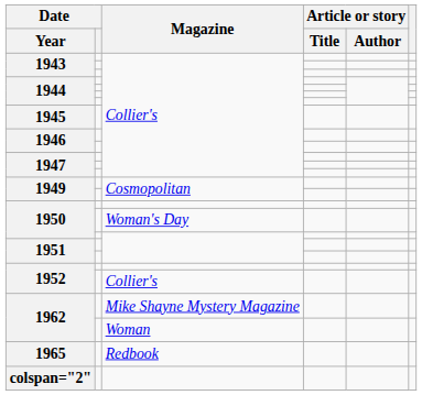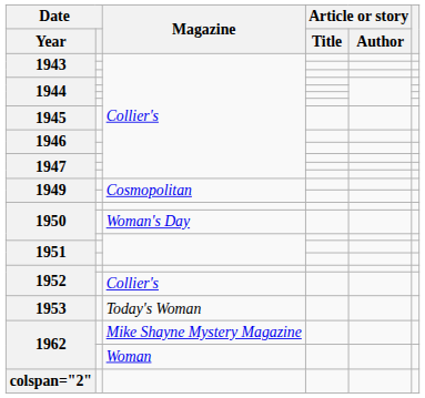 <table class="wikitable sortable mw-collapsible" style="border-spacing: 0; margin: 1em auto;">
 <tr>
 <th scope="col" class="unsortable" colspan="2">Date</th>
 <th scope="col" rowspan="2">Magazine</th>
 <th scope="col" class="unsortable" colspan="2">Article or story</th>
 <th scope="col" rowspan="2" class="unsortable"></th>
 </tr>
 <tr>
 <th scope="col">Year</th>
 <th scope="col"></th>
 <th scope="col">Title</th>
 <th scope="col">Author</th>
 </tr>
 <tr>
 <th style="text-align:center;" rowspan="3">1943</th>
 <td style="text-align:center;"></td>
 <td rowspan="13"><em><a href='#'>Collier's</a></em></td>
 <td></td>
 <td></td>
 <td style="text-align:center;"></td>
 </tr>
 <tr>
 <td style="text-align:center;"></td>
 <td></td>
 <td></td>
 <td style="text-align:center;"></td>
 </tr>
 <tr>
 <td style="text-align:center;"></td>
 <td></td>
 <td></td>
 <td style="text-align:center;"></td>
 </tr>
 <tr>
 <th style="text-align:center;" rowspan="4">1944</th>
 <td style="text-align:center;"></td>
 <td></td>
 <td rowspan="4"></td>
 <td style="text-align:center;"></td>
 </tr>
 <tr>
 <td style="text-align:center;"></td>
 <td></td>
 <td style="text-align:center;"></td>
 </tr>
 <tr>
 <td style="text-align:center;"></td>
 <td></td>
 <td style="text-align:center;"></td>
 </tr>
 <tr>
 <td style="text-align:center;"></td>
 <td></td>
 <td style="text-align:center;"></td>
 </tr>
 <tr>
 <th style="text-align:center;">1945</th>
 <td style="text-align:center;"></td>
 <td></td>
 <td></td>
 <td style="text-align:center;"></td>
 </tr>
 <tr>
 <th style="text-align:center;" rowspan="2">1946</th>
 <td style="text-align:center;"></td>
 <td></td>
 <td></td>
 <td style="text-align:center;"></td>
 </tr>
 <tr>
 <td style="text-align:center;"></td>
 <td></td>
 <td></td>
 <td style="text-align:center;"></td>
 </tr>
 <tr>
 <th style="text-align:center;" rowspan="3">1947</th>
 <td style="text-align:center;"></td>
 <td></td>
 <td></td>
 <td style="text-align:center;"></td>
 </tr>
 <tr>
 <td style="text-align:center;"></td>
 <td></td>
 <td></td>
 <td style="text-align:center;"></td>
 </tr>
 <tr>
 <td style="text-align:center;"></td>
 <td></td>
 <td></td>
 <td style="text-align:center;"></td>
 </tr>
 <tr>
 <th style="text-align:center;" rowspan="2">1949</th>
 <td style="text-align:center;"></td>
 <td rowspan="2"><em><a href='#'>Cosmopolitan</a></em></td>
 <td></td>
 <td></td>
 <td style="text-align:center;"></td>
 </tr>
 <tr>
 <td style="text-align:center;"></td>
 <td></td>
 <td></td>
 <td style="text-align:center;"></td>
 </tr>
 <tr>
 <th style="text-align:center;" rowspan="3">1950</th>
 <td style="text-align:center;"></td>
 <td></td>
 <td></td>
 <td></td>
 <td style="text-align:center;"></td>
 </tr>
 <tr>
 <td style="text-align:center;"></td>
 <td><em><a href='#'>Woman's Day</a></em></td>
 <td></td>
 <td></td>
 <td style="text-align:center;"></td>
 </tr>
 <tr>
 <td style="text-align:center;"></td>
 <td rowspan="3"></td>
 <td></td>
 <td></td>
 <td style="text-align:center;"></td>
 </tr>
 <tr>
 <th style="text-align:center;" rowspan="2">1951</th>
 <td></td>
 <td></td>
 <td></td>
 <td style="text-align:center;"></td>
 </tr>
 <tr>
 <td></td>
 <td></td>
 <td></td>
 <td style="text-align:center;"></td>
 </tr>
 <tr>
 <th style="text-align:center;" rowspan="2">1952</th>
 <td style="text-align:center;"></td>
 <td></td>
 <td></td>
 <td></td>
 <td style="text-align:center;"></td>
 </tr>
 <tr>
 <td style="text-align:center;"></td>
 <td><em><a href='#'>Collier's</a></em></td>
 <td></td>
 <td></td>
 <td style="text-align:center;"></td>
 </tr>
 <tr>
+<th style="text-align:center;">1953</th>
+<td style="text-align:center;"></td>
+<td><em>Today's Woman</em></td>
+<td></td>
+<td></td>
+<td style="text-align:center;"></td>
+</tr>
+<tr>
 <th style="text-align:center;" rowspan="2">1962</th>
 <td style="text-align:center;"></td>
 <td><em><a href='#'>Mike Shayne Mystery Magazine</a></em></td>
 <td></td>
 <td></td>
 <td style="text-align:center;"></td>
 </tr>
 <tr>
 <td style="text-align:center;"></td>
 <td><em><a href='#'>Woman</a></em></td>
 <td></td>
 <td></td>
 <td style="text-align:center;"></td>
 </tr>
 <tr>
-<th style="text-align:center;">1965</th>
-<td style="text-align:center;"></td>
-<td><em><a href='#'>Redbook</a></em></td>
-<td></td>
-<td></td>
-<td style="text-align:center;"></td>
-</tr>
-<tr>
 <th>colspan="2" </th>
 <td></td>
 <td></td>
 <td></td>
 <td style="text-align:center;"></td>
 </tr>
 </table>
